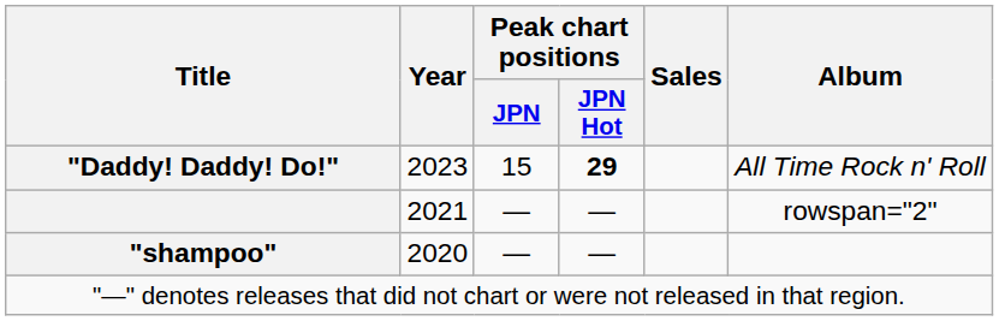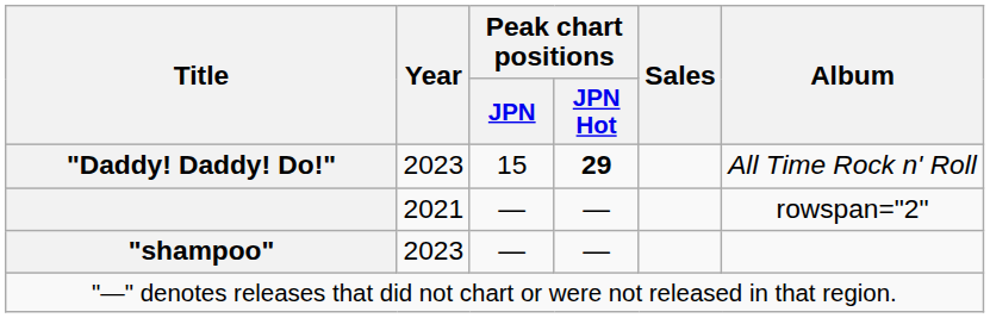 <table class="wikitable plainrowheaders" style="text-align:center;">
 <tr>
 <th scope="col" rowspan="2" style="width:14em;">Title</th>
 <th scope="col" rowspan="2">Year</th>
 <th scope="col" colspan="2">Peak chart positions</th>
 <th scope="col" rowspan="2">Sales</th>
 <th scope="col" rowspan="2">Album</th>
 </tr>
 <tr>
 <th scope="col" style="width:3em;font-size:90%;"><a href='#'>JPN</a></th>
 <th scope="col" style="width:3em;font-size:90%;"><a href='#'>JPN<br>Hot</a></th>
 </tr>
 <tr>
 <th scope="row">"Daddy! Daddy! Do!"<br></th>
 <td>2023</td>
 <td>15</td>
 <td><strong>29</strong></td>
 <td></td>
 <td><em>All Time Rock n' Roll</em></td>
 </tr>
 <tr>
 <th scope="row"><br></th>
 <td>2021</td>
 <td>—</td>
 <td>—</td>
 <td></td>
 <td>rowspan="2" </td>
 </tr>
 <tr>
 <th scope="row">"shampoo"<br></th>
-<td>2020</td>
+<td>2023</td>
 <td>—</td>
 <td>—</td>
 <td></td>
 </tr>
 <tr>
 <td colspan="6" style="font-size:90%;">"—" denotes releases that did not chart or were not released in that region.</td>
 </tr>
 </table>
